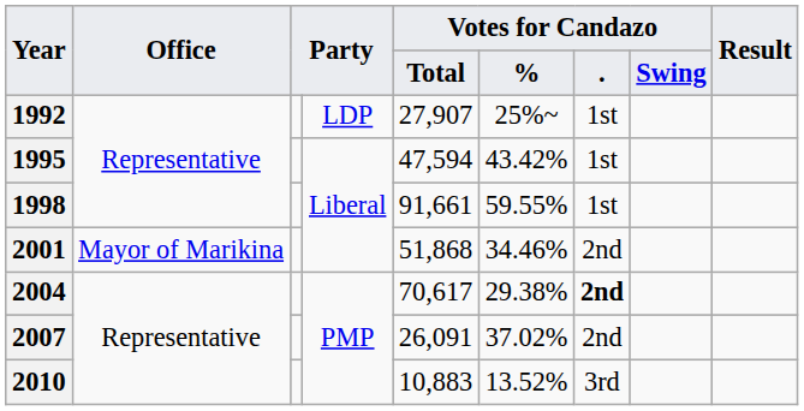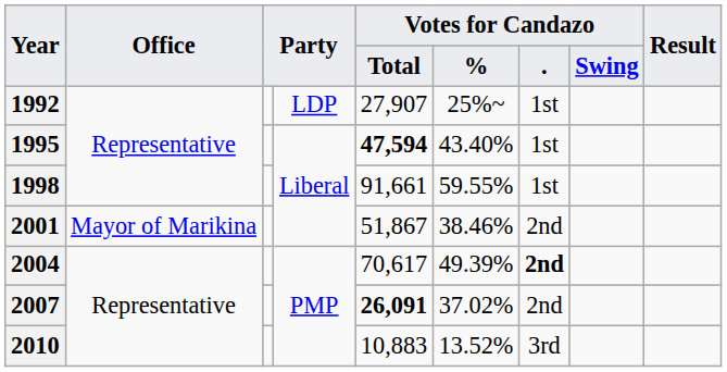 <table class="wikitable" style="font-size:90%; text-align:center;">
 <tr>
 <th rowspan="2" style="background:#eaecf0;">Year</th>
 <th rowspan="2" style="background:#eaecf0;">Office</th>
 <th colspan="2" rowspan="2" style="background:#eaecf0;">Party</th>
 <th colspan="4" style="background:#eaecf0;">Votes for Candazo</th>
 <th rowspan="2" style="background:#eaecf0;">Result</th>
 </tr>
 <tr>
 <th style="background:#eaecf0;">Total</th>
 <th style="background:#eaecf0;">%</th>
 <th style="background:#eaecf0;">.</th>
 <th style="background:#eaecf0;"><a href='#'>Swing</a></th>
 </tr>
 <tr>
 <th>1992</th>
 <td rowspan="3"><a href='#'>Representative</a></td>
 <td style="background:"></td>
 <td><a href='#'>LDP</a></td>
 <td>27,907</td>
 <td>25%~</td>
 <td>1st</td>
 <td></td>
 <td></td>
 </tr>
 <tr>
 <th>1995</th>
 <td style="background:"></td>
 <td rowspan="3"><a href='#'>Liberal</a></td>
-<td>47,594</td>
-<td>43.42%</td>
+<td><strong>47,594</strong></td>
+<td>43.40%</td>
 <td>1st</td>
 <td></td>
 <td></td>
 </tr>
 <tr>
 <th>1998</th>
 <td style="background:"></td>
 <td>91,661</td>
 <td>59.55%</td>
 <td>1st</td>
 <td></td>
 <td></td>
 </tr>
 <tr>
 <th>2001</th>
 <td><a href='#'>Mayor of Marikina</a></td>
 <td style="background:"></td>
-<td>51,868</td>
-<td>34.46%</td>
+<td>51,867</td>
+<td>38.46%</td>
 <td>2nd</td>
 <td></td>
 <td></td>
 </tr>
 <tr>
 <th>2004</th>
 <td rowspan="3">Representative</td>
 <td style="background:"></td>
 <td rowspan="3"><a href='#'>PMP</a></td>
 <td>70,617</td>
-<td>29.38%</td>
+<td>49.39%</td>
 <td><strong>2nd</strong></td>
 <td></td>
 <td></td>
 </tr>
 <tr>
 <th>2007</th>
 <td style="background:"></td>
-<td>26,091</td>
+<td><strong>26,091</strong></td>
 <td>37.02%</td>
 <td>2nd</td>
 <td></td>
 <td></td>
 </tr>
 <tr>
 <th>2010</th>
 <td style="background:"></td>
 <td>10,883</td>
 <td>13.52%</td>
 <td>3rd</td>
 <td></td>
 <td></td>
 </tr>
 </table>
